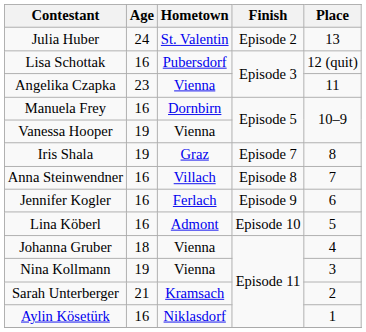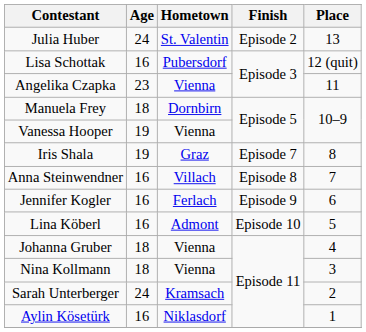 <table class="wikitable sortable" style="text-align:center;">
 <tr>
 <th>Contestant</th>
 <th>Age</th>
 <th>Hometown</th>
 <th>Finish</th>
 <th>Place</th>
 </tr>
 <tr>
 <td>Julia Huber</td>
 <td>24</td>
 <td><a href='#'>St. Valentin</a></td>
 <td>Episode 2</td>
 <td>13</td>
 </tr>
 <tr>
 <td>Lisa Schottak</td>
 <td>16</td>
 <td><a href='#'>Pubersdorf</a></td>
 <td rowspan="2">Episode 3</td>
 <td>12 (quit)</td>
 </tr>
 <tr>
 <td>Angelika Czapka</td>
 <td>23</td>
 <td><a href='#'>Vienna</a></td>
 <td>11</td>
 </tr>
 <tr>
 <td>Manuela Frey</td>
-<td>16</td>
+<td>18</td>
 <td><a href='#'>Dornbirn</a></td>
 <td rowspan="2">Episode 5</td>
 <td rowspan="2">10–9</td>
 </tr>
 <tr>
 <td>Vanessa Hooper</td>
 <td>19</td>
 <td>Vienna</td>
 </tr>
 <tr>
 <td>Iris Shala</td>
 <td>19</td>
 <td><a href='#'>Graz</a></td>
 <td>Episode 7</td>
 <td>8</td>
 </tr>
 <tr>
 <td>Anna Steinwendner</td>
 <td>16</td>
 <td><a href='#'>Villach</a></td>
 <td>Episode 8</td>
 <td>7</td>
 </tr>
 <tr>
 <td>Jennifer Kogler</td>
 <td>16</td>
 <td><a href='#'>Ferlach</a></td>
 <td>Episode 9</td>
 <td>6</td>
 </tr>
 <tr>
 <td>Lina Köberl</td>
 <td>16</td>
 <td><a href='#'>Admont</a></td>
 <td>Episode 10</td>
 <td>5</td>
 </tr>
 <tr>
 <td>Johanna Gruber</td>
 <td>18</td>
 <td>Vienna</td>
 <td rowspan="4">Episode 11</td>
 <td>4</td>
 </tr>
 <tr>
 <td>Nina Kollmann</td>
-<td>19</td>
+<td>18</td>
 <td>Vienna</td>
 <td>3</td>
 </tr>
 <tr>
 <td>Sarah Unterberger</td>
-<td>21</td>
+<td>24</td>
 <td><a href='#'>Kramsach</a></td>
 <td>2</td>
 </tr>
 <tr>
 <td><a href='#'>Aylin Kösetürk</a></td>
 <td>16</td>
 <td><a href='#'>Niklasdorf</a></td>
 <td>1</td>
 </tr>
 <tr>
 </tr>
 </table>
